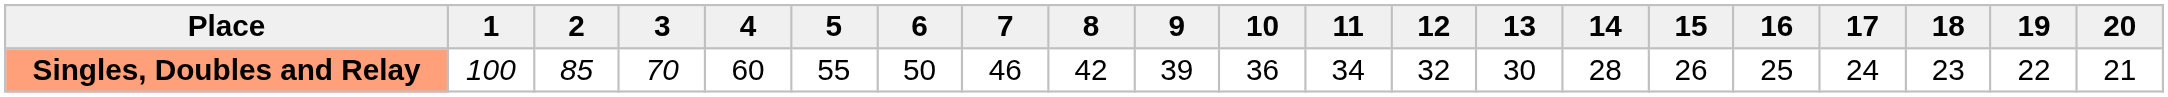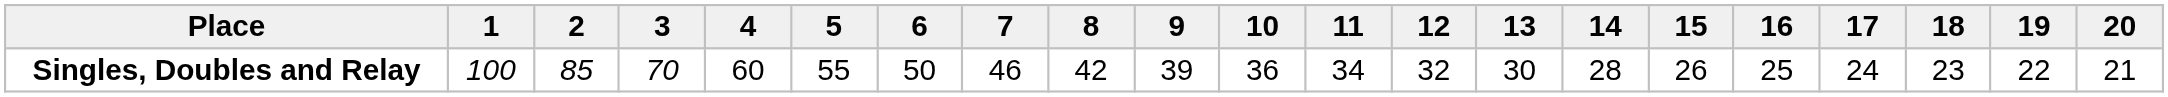 <table border="1" cellpadding="2" cellspacing="0" style="border:1px solid #C0C0C0; border-collapse:collapse; font-size:86%; margin-top:1em; text-align:center" width="1000">
 <tr bgcolor="#F0F0F0">
 <td width=150><strong>Place</strong></td>
 <td width=25><strong>1</strong></td>
 <td width="25"><strong>2</strong></td>
 <td width="25"><strong>3</strong></td>
 <td width="25"><strong>4</strong></td>
 <td width="25"><strong>5</strong></td>
 <td width="25"><strong>6</strong></td>
 <td width="25"><strong>7</strong></td>
 <td width="25"><strong>8</strong></td>
 <td width="25"><strong>9</strong></td>
 <td width="25"><strong>10</strong></td>
 <td width="25"><strong>11</strong></td>
 <td width="25"><strong>12</strong></td>
 <td width="25"><strong>13</strong></td>
 <td width="25"><strong>14</strong></td>
 <td width="25"><strong>15</strong></td>
 <td width="25"><strong>16</strong></td>
 <td width="25"><strong>17</strong></td>
 <td width="25"><strong>18</strong></td>
 <td width="25"><strong>19</strong></td>
 <td width="25"><strong>20</strong></td>
 </tr>
 <tr>
-<td style="background: lightsalmon;"><strong>Singles, Doubles and Relay</strong></td>
+<td><strong>Singles, Doubles and Relay</strong></td>
 <td rowspan="2"><em>100</em></td>
 <td rowspan="2"><em>85</em></td>
 <td rowspan="2"><em>70</em></td>
 <td rowspan="2">60</td>
 <td rowspan="2">55</td>
 <td rowspan="2">50</td>
 <td rowspan="2">46</td>
 <td rowspan="2">42</td>
 <td rowspan="2">39</td>
 <td rowspan="2">36</td>
 <td rowspan="2">34</td>
 <td rowspan="2">32</td>
 <td rowspan="2">30</td>
 <td rowspan="2">28</td>
 <td rowspan="2">26</td>
 <td rowspan="2">25</td>
 <td rowspan="2">24</td>
 <td rowspan="2">23</td>
 <td rowspan="2">22</td>
 <td rowspan="2">21</td>
 </tr>
 </table>
